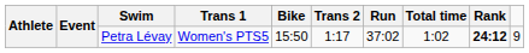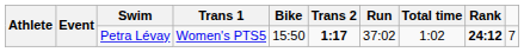 <table class=wikitable style="font-size:90%">
 <tr>
 <th rowspan=2>Athlete</th>
 <th rowspan=2>Event</th>
 <th>Swim</th>
 <th>Trans 1</th>
 <th>Bike</th>
 <th>Trans 2</th>
 <th>Run</th>
 <th>Total time</th>
 <th>Rank</th>
 </tr>
 <tr align=center>
 <td align=left><a href='#'>Petra Lévay</a></td>
 <td align=left><a href='#'>Women's PTS5</a></td>
 <td>15:50</td>
-<td>1:17</td>
+<td><strong>1:17</strong></td>
 <td>37:02</td>
 <td>1:02</td>
 <td><strong>24:12</strong></td>
-<td>9</td>
+<td>7</td>
 </tr>
 </table>
